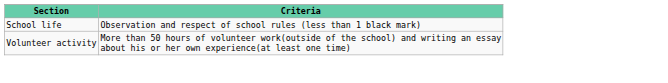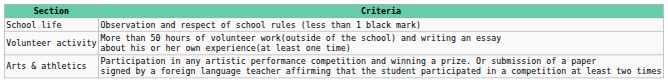 <table class="wikitable">
 <tr>
 </tr>
 <tr>
 <th style="background:#66cdaa">Section</th>
 <th style="background:#66cdaa">Criteria</th>
 </tr>
 <tr>
 <td>School life</td>
 <td>Observation and respect of school rules (less than 1 black mark)</td>
 </tr>
 <tr>
 <td>Volunteer activity</td>
 <td>More than 50 hours of volunteer work(outside of the school) and writing an essay<br>about his or her own experience(at least one time)</td>
 </tr>
+<tr>
+<td>Arts & athletics</td>
+<td>Participation in any artistic performance competition and winning a prize. Or submission of a paper<br>signed by a foreign language teacher affirming that the student participated in a competition at least two times</td>
+</tr>
 </table>
